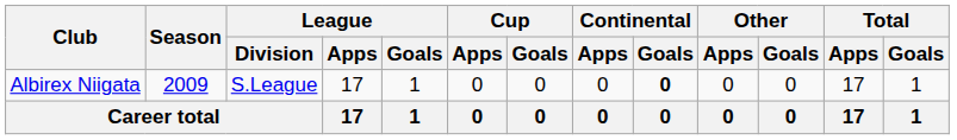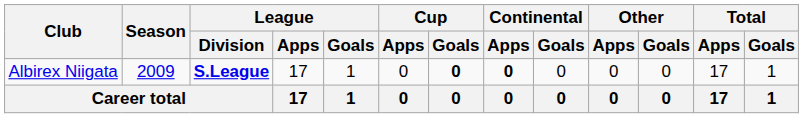 <table class="wikitable" style="text-align: center">
 <tr>
 <th rowspan="2">Club</th>
 <th rowspan="2">Season</th>
 <th colspan="3">League</th>
 <th colspan="2">Cup</th>
 <th colspan="2">Continental</th>
 <th colspan="2">Other</th>
 <th colspan="2">Total</th>
 </tr>
 <tr>
 <th>Division</th>
 <th>Apps</th>
 <th>Goals</th>
 <th>Apps</th>
 <th>Goals</th>
 <th>Apps</th>
 <th>Goals</th>
 <th>Apps</th>
 <th>Goals</th>
 <th>Apps</th>
 <th>Goals</th>
 </tr>
 <tr>
 <td><a href='#'>Albirex Niigata</a></td>
 <td><a href='#'>2009</a></td>
-<td><a href='#'>S.League</a></td>
+<td><strong><a href='#'>S.League</a></strong></td>
 <td>17</td>
 <td>1</td>
 <td>0</td>
+<td><strong>0</strong></td>
+<td><strong>0</strong></td>
 <td>0</td>
-<td>0</td>
-<td><strong>0</strong></td>
 <td>0</td>
 <td>0</td>
 <td>17</td>
 <td>1</td>
 </tr>
 <tr>
 <th colspan=3>Career total</th>
 <th>17</th>
 <th>1</th>
 <th>0</th>
 <th>0</th>
 <th>0</th>
 <th>0</th>
 <th>0</th>
 <th>0</th>
 <th>17</th>
 <th>1</th>
 </tr>
 </table>
